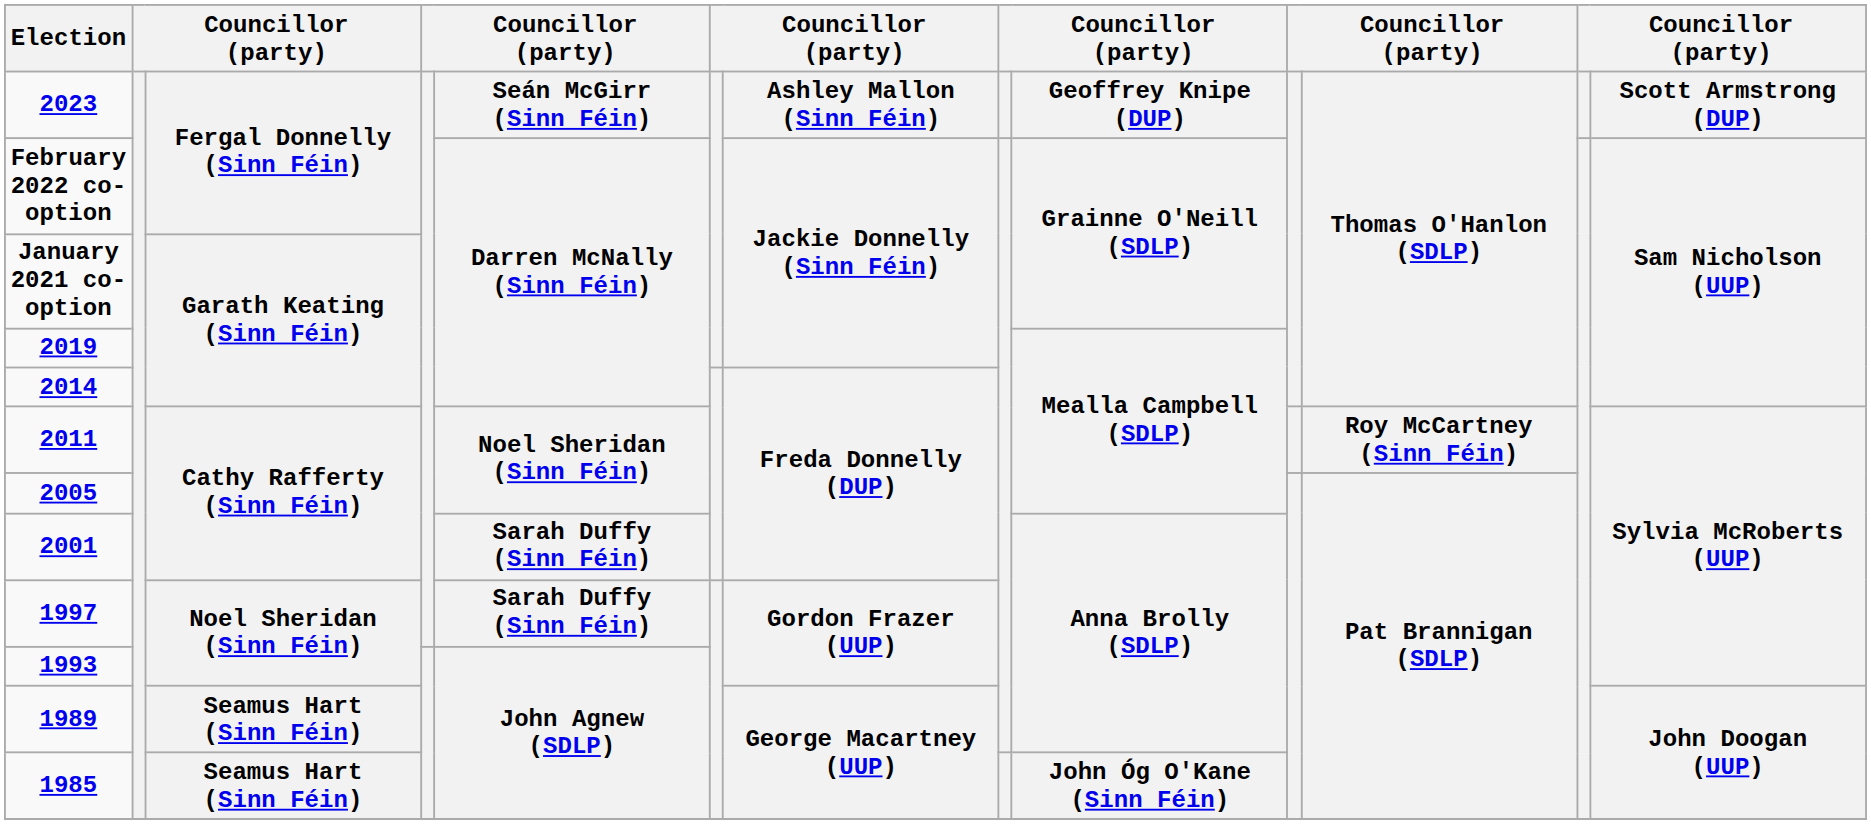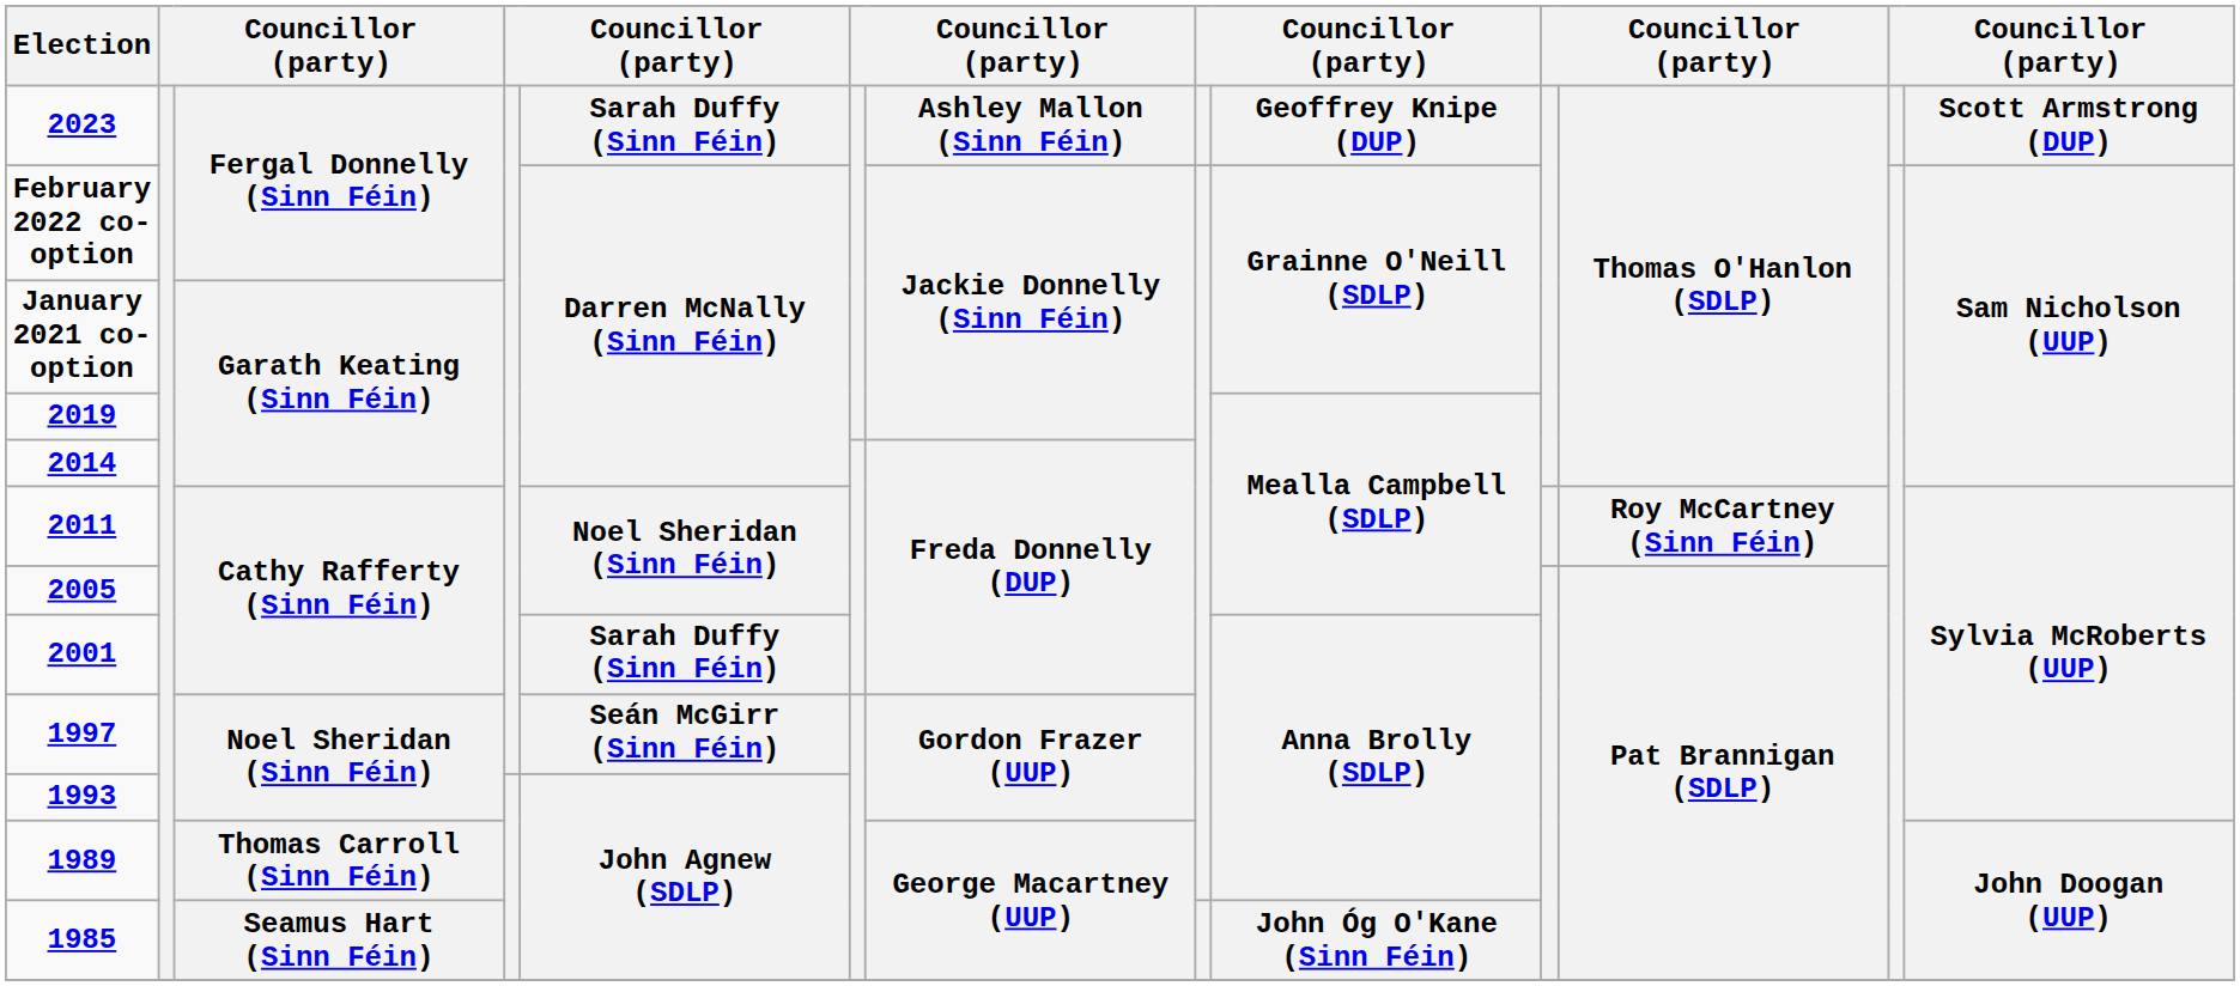 <table class="wikitable" style="text-align:center">
 <tr>
 <th scope="col" width="50">Election</th>
 <th scope="col" width="150" colspan = "2">Councillor<br> (party)</th>
 <th scope="col" width="150" colspan = "2">Councillor<br> (party)</th>
 <th scope="col" width="150" colspan = "2">Councillor<br> (party)</th>
 <th scope="col" width="150" colspan = "2">Councillor<br> (party)</th>
 <th scope="col" width="150" colspan = "2">Councillor<br> (party)</th>
 <th scope="col" width="150" colspan = "2">Councillor<br> (party)</th>
 </tr>
 <tr>
 <td><strong><a href='#'>2023</a></strong></td>
 <th rowspan="12" width="1" style="background-color: "></th>
 <th rowspan = "2">Fergal Donnelly <br> (<a href='#'>Sinn Féin</a>)</th>
 <th rowspan="9" width="1" style="background-color: "></th>
-<th rowspan = "1">Seán McGirr <br> (<a href='#'>Sinn Féin</a>)</th>
+<th rowspan = "1">Sarah Duffy <br> (<a href='#'>Sinn Féin</a>)</th>
 <th rowspan="4" width="1" style="background-color: "></th>
 <th rowspan = "1">Ashley Mallon <br> (<a href='#'>Sinn Féin</a>)</th>
 <th rowspan="1" width="1" style="background-color: "></th>
 <th rowspan = "1">Geoffrey Knipe <br> (<a href='#'>DUP</a>)</th>
 <th rowspan="5" width="1" style="background-color: "></th>
 <th rowspan = "5">Thomas O'Hanlon <br> (<a href='#'>SDLP</a>)</th>
 <th rowspan="1" width="1" style="background-color: "></th>
 <th rowspan = "1">Scott Armstrong <br> (<a href='#'>DUP</a>)</th>
 </tr>
 <tr>
 <td><strong>February 2022 co-option</strong></td>
 <th rowspan = "4">Darren McNally <br> (<a href='#'>Sinn Féin</a>)</th>
 <th rowspan = "3">Jackie Donnelly <br> (<a href='#'>Sinn Féin</a>)</th>
 <th rowspan="10" width="1" style="background-color: "></th>
 <th rowspan = "2">Grainne O'Neill <br> (<a href='#'>SDLP</a>)</th>
 <th rowspan="11" width="1" style="background-color: "></th>
 <th rowspan = "4">Sam Nicholson <br> (<a href='#'>UUP</a>)</th>
 </tr>
 <tr>
 <td><strong>January 2021 co-option</strong></td>
 <th rowspan = "3">Garath Keating <br> (<a href='#'>Sinn Féin</a>)</th>
 </tr>
 <tr>
 <td><strong><a href='#'>2019</a></strong></td>
 <th rowspan = "4">Mealla Campbell <br> (<a href='#'>SDLP</a>)</th>
 </tr>
 <tr>
 <td><strong><a href='#'>2014</a></strong></td>
 <th rowspan="4" width="1" style="background-color: "></th>
 <th rowspan = "4">Freda Donnelly <br> (<a href='#'>DUP</a>)</th>
 </tr>
 <tr>
 <td><strong><a href='#'>2011</a></strong></td>
 <th rowspan = "3">Cathy Rafferty <br> (<a href='#'>Sinn Féin</a>)</th>
 <th rowspan = "2">Noel Sheridan <br> (<a href='#'>Sinn Féin</a>)</th>
 <th rowspan="1" width="1" style="background-color: "></th>
 <th rowspan = "1">Roy McCartney <br> (<a href='#'>Sinn Féin</a>)</th>
 <th rowspan = "5">Sylvia McRoberts <br> (<a href='#'>UUP</a>)</th>
 </tr>
 <tr>
 <td><strong><a href='#'>2005</a></strong></td>
 <th rowspan="6" width="1" style="background-color: "></th>
 <th rowspan = "6">Pat Brannigan <br> (<a href='#'>SDLP</a>)</th>
 </tr>
 <tr>
 <td><strong><a href='#'>2001</a></strong></td>
 <th rowspan = "1">Sarah Duffy <br> (<a href='#'>Sinn Féin</a>)</th>
 <th rowspan = "4">Anna Brolly <br> (<a href='#'>SDLP</a>)</th>
 </tr>
 <tr>
 <td><strong><a href='#'>1997</a></strong></td>
 <th rowspan = "2">Noel Sheridan <br> (<a href='#'>Sinn Féin</a>)</th>
-<th rowspan = "1">Sarah Duffy <br> (<a href='#'>Sinn Féin</a>)</th>
+<th rowspan = "1">Seán McGirr <br> (<a href='#'>Sinn Féin</a>)</th>
 <th rowspan="4" width="1" style="background-color: "></th>
 <th rowspan = "2">Gordon Frazer <br> (<a href='#'>UUP</a>)</th>
 </tr>
 <tr>
 <td><strong><a href='#'>1993</a></strong></td>
 <th rowspan="3" width="1" style="background-color: "></th>
 <th rowspan = "3">John Agnew <br> (<a href='#'>SDLP</a>)</th>
 </tr>
 <tr>
 <td><strong><a href='#'>1989</a></strong></td>
-<th rowspan = "1">Seamus Hart <br> (<a href='#'>Sinn Féin</a>)</th>
+<th rowspan = "1">Thomas Carroll <br> (<a href='#'>Sinn Féin</a>)</th>
 <th rowspan = "2">George Macartney <br> (<a href='#'>UUP</a>)</th>
 <th rowspan = "2">John Doogan <br> (<a href='#'>UUP</a>)</th>
 </tr>
 <tr>
 <td><strong><a href='#'>1985</a></strong></td>
 <th rowspan = "1">Seamus Hart <br> (<a href='#'>Sinn Féin</a>)</th>
 <th rowspan="1" width="1" style="background-color: "></th>
 <th rowspan = "1">John Óg O'Kane <br> (<a href='#'>Sinn Féin</a>)</th>
 </tr>
 <tr>
 </tr>
 </table>
